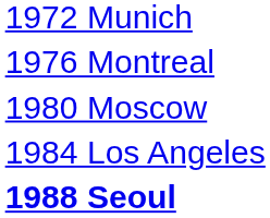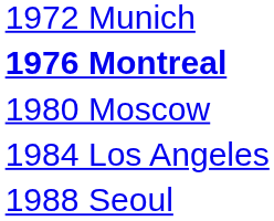 <table>
 <tr>
 <td><a href='#'>1972 Munich</a><br></td>
 <td></td>
 <td></td>
 <td></td>
 </tr>
 <tr>
-<td><a href='#'>1976 Montreal</a><br></td>
+<td><strong><a href='#'>1976 Montreal</a><br></strong></td>
 <td></td>
 <td></td>
 <td></td>
 </tr>
 <tr>
 <td><a href='#'>1980 Moscow</a><br></td>
 <td></td>
 <td></td>
 <td></td>
 </tr>
 <tr>
 <td><a href='#'>1984 Los Angeles</a><br></td>
 <td></td>
 <td></td>
 <td></td>
 </tr>
 <tr>
-<td><strong><a href='#'>1988 Seoul</a><br></strong></td>
+<td><a href='#'>1988 Seoul</a><br></td>
 <td></td>
 <td></td>
 <td></td>
 </tr>
 </table>
